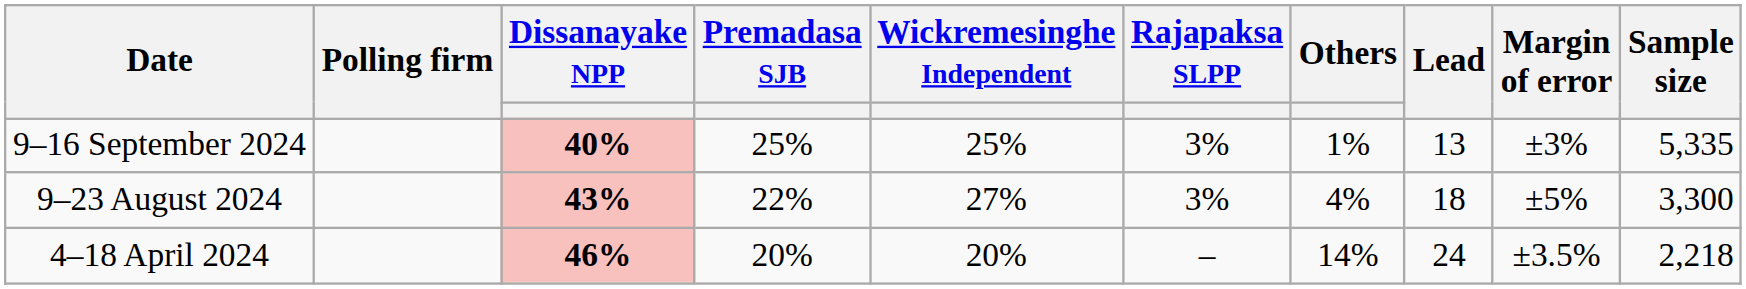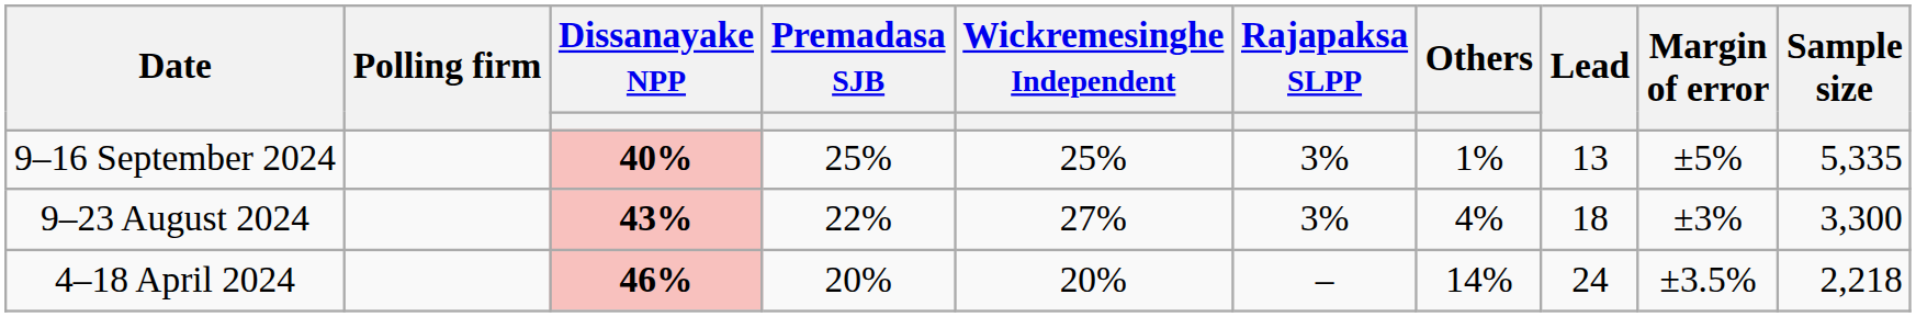 <table class="wikitable mw-datatable" style="text-align:center;font-size:90%;line-height:17px">
 <tr style="height:40px;">
 <th rowspan="2">Date</th>
 <th rowspan="2">Polling firm</th>
 <th class="unsortable" style="width:40px;"><a href='#'>Dissanayake</a><br><small><a href='#'>NPP</a></small></th>
 <th class="unsortable" style="width:40px;"><a href='#'>Premadasa</a><br><small><a href='#'>SJB</a></small></th>
 <th class="unsortable" style="width:40px;"><a href='#'>Wickremesinghe</a><br><small><a href='#'>Independent</a></small></th>
 <th class="unsortable" style="width:40px;"><a href='#'>Rajapaksa</a><br><small><a href='#'>SLPP</a></small></th>
 <th class="unsortable" style="width:40px;">Others</th>
 <th rowspan="2" data-sort-type="number">Lead</th>
 <th rowspan="2" class="unsortable">Margin<br>of error</th>
 <th rowspan="2" class="unsortable">Sample<br>size<br></th>
 </tr>
 <tr>
 <th data-sort-type="number" style="background:"></th>
 <th data-sort-type="number" style="background:"></th>
 <th data-sort-type="number" style="background:"></th>
 <th data-sort-type="number" style="background:"></th>
 <th data-sort-type="number" style="background:"></th>
 </tr>
 <tr>
 <td>9–16 September 2024</td>
 <td></td>
 <td style="background:rgb(248, 193, 190)"><strong>40%</strong></td>
 <td>25%</td>
 <td>25%</td>
 <td>3%</td>
 <td>1%</td>
 <td style="background:">13</td>
-<td>±3%</td>
+<td>±5%</td>
 <td style="text-align:right;">5,335</td>
 </tr>
 <tr>
 <td>9–23 August 2024</td>
 <td></td>
 <td style="background:rgb(248, 193, 190)"><strong>43%</strong></td>
 <td>22%</td>
 <td>27%</td>
 <td>3%</td>
 <td>4%</td>
 <td style="background:">18</td>
-<td>±5%</td>
+<td>±3%</td>
 <td style="text-align:right;">3,300</td>
 </tr>
 <tr>
 <td>4–18 April 2024</td>
 <td></td>
 <td style="background:rgb(248, 193, 190)"><strong>46%</strong></td>
 <td>20%</td>
 <td>20%</td>
 <td>–</td>
 <td>14%</td>
 <td style="background:">24</td>
 <td>±3.5%</td>
 <td style="text-align:right;">2,218</td>
 </tr>
 </table>
